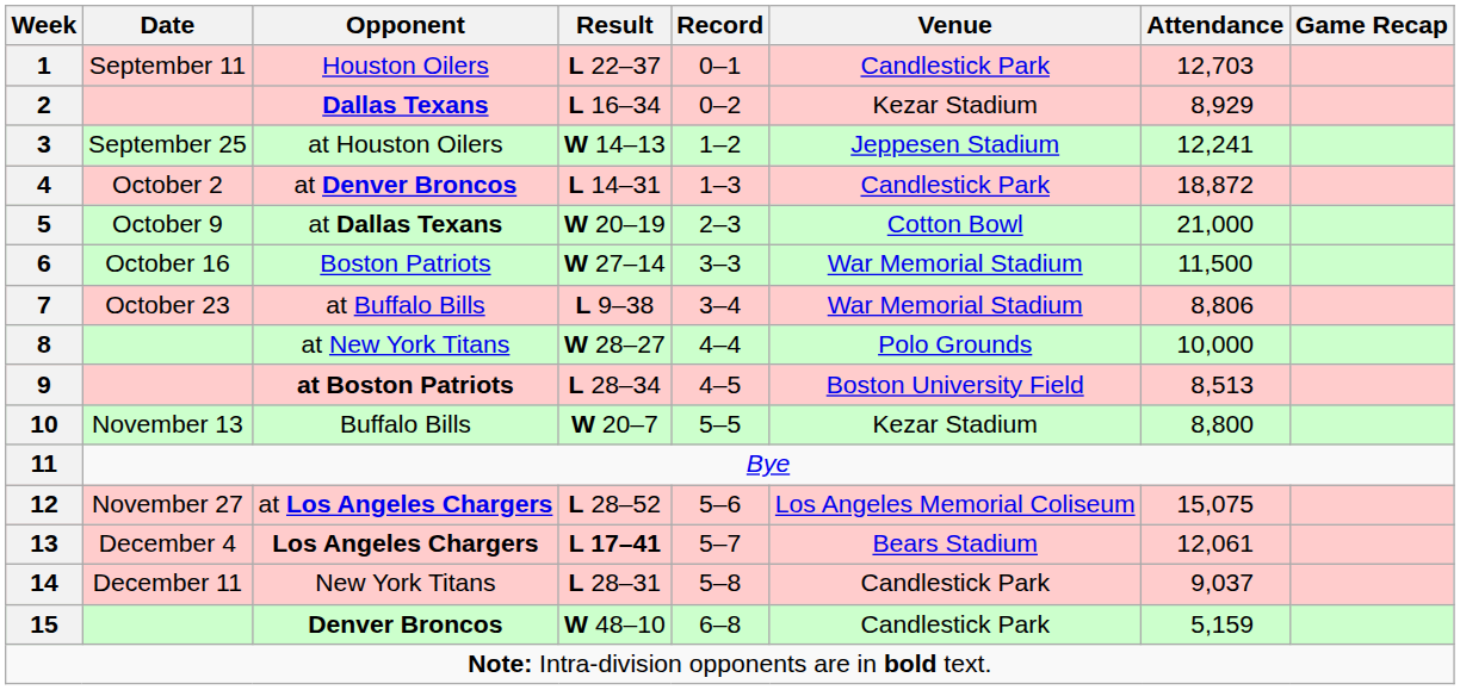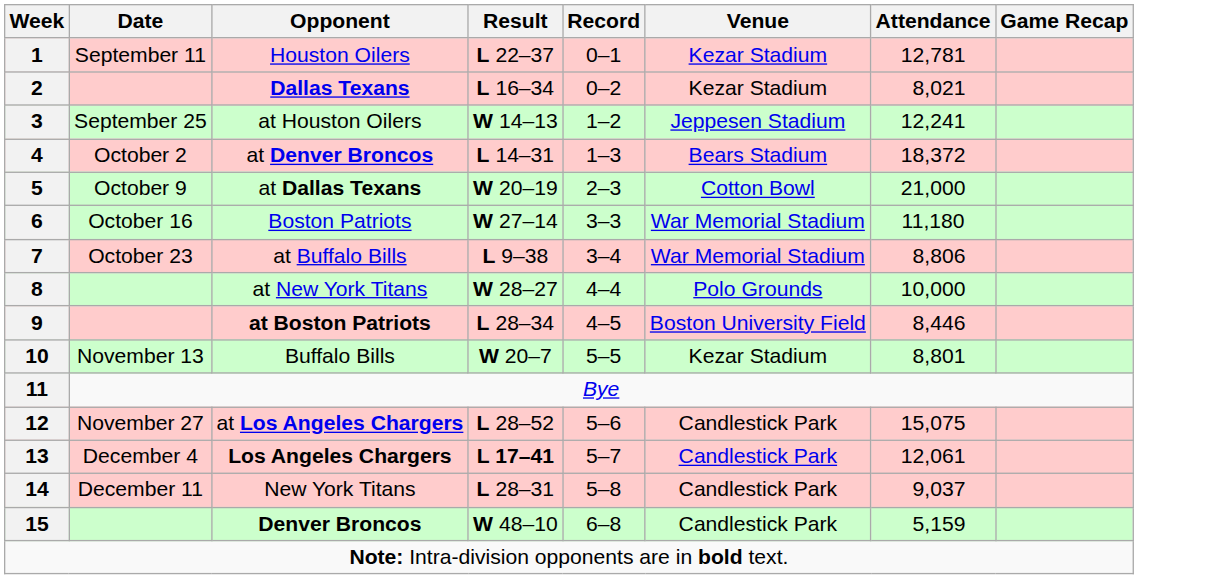 <table class="wikitable" style="text-align:center">
 <tr>
 <th>Week</th>
 <th>Date</th>
 <th>Opponent</th>
 <th>Result</th>
 <th>Record</th>
 <th>Venue</th>
 <th>Attendance</th>
 <th>Game Recap</th>
 </tr>
 <tr style="background:#fcc">
 <th>1</th>
 <td>September 11</td>
 <td><a href='#'>Houston Oilers</a></td>
 <td><strong>L</strong> 22–37</td>
 <td>0–1</td>
-<td><a href='#'>Candlestick Park</a></td>
-<td>12,703</td>
+<td><a href='#'>Kezar Stadium</a></td>
+<td>12,781</td>
 <td></td>
 </tr>
 <tr style="background:#fcc">
 <th>2</th>
 <td></td>
 <td><strong><a href='#'>Dallas Texans</a></strong></td>
 <td><strong>L</strong> 16–34</td>
 <td>0–2</td>
 <td>Kezar Stadium</td>
-<td>  8,929</td>
+<td>  8,021</td>
 <td></td>
 </tr>
 <tr style="background:#cfc">
 <th>3</th>
 <td>September 25</td>
 <td>at Houston Oilers</td>
 <td><strong>W</strong> 14–13</td>
 <td>1–2</td>
 <td><a href='#'>Jeppesen Stadium</a></td>
 <td>12,241</td>
 <td></td>
 </tr>
 <tr style="background:#fcc">
 <th>4</th>
 <td>October 2</td>
 <td>at <strong><a href='#'>Denver Broncos</a></strong></td>
 <td><strong>L</strong> 14–31</td>
 <td>1–3</td>
-<td><a href='#'>Candlestick Park</a></td>
-<td>18,872</td>
+<td><a href='#'>Bears Stadium</a></td>
+<td>18,372</td>
 <td></td>
 </tr>
 <tr style="background:#cfc">
 <th>5</th>
 <td>October 9</td>
 <td>at <strong>Dallas Texans</strong></td>
 <td><strong>W</strong> 20–19</td>
 <td>2–3</td>
 <td><a href='#'>Cotton Bowl</a></td>
 <td>21,000</td>
 <td></td>
 </tr>
 <tr style="background:#cfc">
 <th>6</th>
 <td>October 16</td>
 <td><a href='#'>Boston Patriots</a></td>
 <td><strong>W</strong> 27–14</td>
 <td>3–3</td>
 <td><a href='#'>War Memorial Stadium</a></td>
-<td>11,500</td>
+<td>11,180</td>
 <td></td>
 </tr>
 <tr style="background:#fcc">
 <th>7</th>
 <td>October 23</td>
 <td>at <a href='#'>Buffalo Bills</a></td>
 <td><strong>L</strong> 9–38</td>
 <td>3–4</td>
 <td><a href='#'>War Memorial Stadium</a></td>
 <td>  8,806</td>
 <td></td>
 </tr>
 <tr style="background:#cfc">
 <th>8</th>
 <td></td>
 <td>at <a href='#'>New York Titans</a></td>
 <td><strong>W</strong> 28–27</td>
 <td>4–4</td>
 <td><a href='#'>Polo Grounds</a></td>
 <td>10,000</td>
 <td></td>
 </tr>
 <tr style="background:#fcc">
 <th>9</th>
 <td></td>
 <td><strong>at Boston Patriots</strong></td>
 <td><strong>L</strong> 28–34</td>
 <td>4–5</td>
 <td><a href='#'>Boston University Field</a></td>
-<td>  8,513</td>
+<td>  8,446</td>
 <td></td>
 </tr>
 <tr style="background:#cfc">
 <th>10</th>
 <td>November 13</td>
 <td>Buffalo Bills</td>
 <td><strong>W</strong> 20–7</td>
 <td>5–5</td>
 <td>Kezar Stadium</td>
-<td>  8,800</td>
+<td>  8,801</td>
 <td></td>
 </tr>
 <tr>
 <th>11</th>
 <td colspan="7" align="center"><em><a href='#'>Bye</a></em></td>
 </tr>
 <tr style="background:#fcc">
 <th>12</th>
 <td>November 27</td>
 <td>at <strong><a href='#'>Los Angeles Chargers</a></strong></td>
 <td><strong>L</strong> 28–52</td>
 <td>5–6</td>
-<td><a href='#'>Los Angeles Memorial Coliseum</a></td>
+<td>Candlestick Park</td>
 <td>15,075</td>
 <td></td>
 </tr>
 <tr style="background:#fcc">
 <th>13</th>
 <td>December 4</td>
 <td><strong>Los Angeles Chargers</strong></td>
 <td><strong>L 17–41</strong></td>
 <td>5–7</td>
-<td><a href='#'>Bears Stadium</a></td>
+<td><a href='#'>Candlestick Park</a></td>
 <td>12,061</td>
 <td></td>
 </tr>
 <tr style="background:#fcc">
 <th>14</th>
 <td>December 11</td>
 <td>New York Titans</td>
 <td><strong>L</strong> 28–31</td>
 <td>5–8</td>
 <td>Candlestick Park</td>
 <td>  9,037</td>
 <td></td>
 </tr>
 <tr style="background:#cfc">
 <th>15</th>
 <td></td>
 <td><strong>Denver Broncos</strong></td>
 <td><strong>W</strong> 48–10</td>
 <td>6–8</td>
 <td>Candlestick Park</td>
 <td>  5,159</td>
 <td></td>
 </tr>
 <tr>
 <td colspan="8"><strong>Note:</strong> Intra-division opponents are in <strong>bold</strong> text.</td>
 </tr>
 </table>
